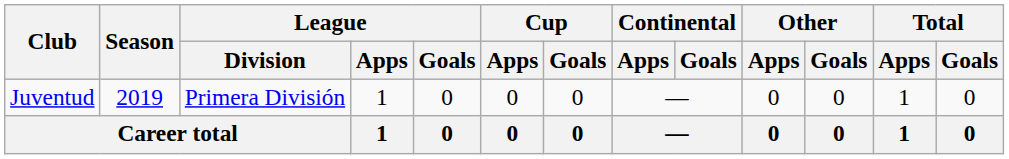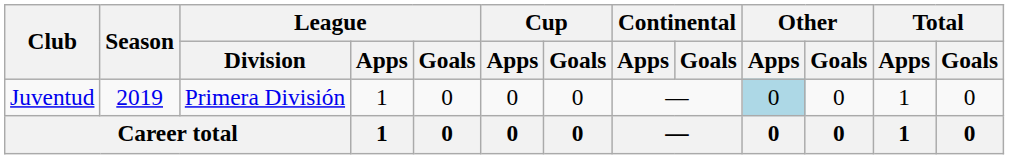 <table class="wikitable" style="text-align:center">
 <tr>
 <th rowspan="2">Club</th>
 <th rowspan="2">Season</th>
 <th colspan="3">League</th>
 <th colspan="2">Cup</th>
 <th colspan="2">Continental</th>
 <th colspan="2">Other</th>
 <th colspan="2">Total</th>
 </tr>
 <tr>
 <th>Division</th>
 <th>Apps</th>
 <th>Goals</th>
 <th>Apps</th>
 <th>Goals</th>
 <th>Apps</th>
 <th>Goals</th>
 <th>Apps</th>
 <th>Goals</th>
 <th>Apps</th>
 <th>Goals</th>
 </tr>
 <tr>
 <td rowspan="1"><a href='#'>Juventud</a></td>
 <td><a href='#'>2019</a></td>
 <td rowspan="1"><a href='#'>Primera División</a></td>
 <td>1</td>
 <td>0</td>
 <td>0</td>
 <td>0</td>
 <td colspan="2">—</td>
-<td>0</td>
+<td style="background: lightblue;">0</td>
 <td>0</td>
 <td>1</td>
 <td>0</td>
 </tr>
 <tr>
 <th colspan="3">Career total</th>
 <th>1</th>
 <th>0</th>
 <th>0</th>
 <th>0</th>
 <th colspan="2">—</th>
 <th>0</th>
 <th>0</th>
 <th>1</th>
 <th>0</th>
 </tr>
 </table>
